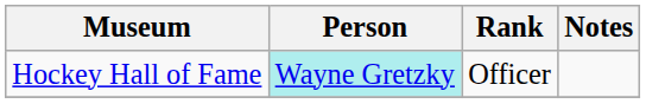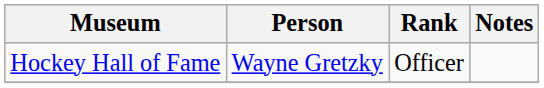 <table class="wikitable">
 <tr>
 <th>Museum</th>
 <th>Person</th>
 <th>Rank</th>
 <th>Notes</th>
 </tr>
 <tr>
 <td><a href='#'>Hockey Hall of Fame</a></td>
-<td style="background: paleturquoise;"><a href='#'>Wayne Gretzky</a></td>
+<td><a href='#'>Wayne Gretzky</a></td>
 <td>Officer</td>
 <td></td>
 </tr>
 <tr>
 </tr>
 </table>
